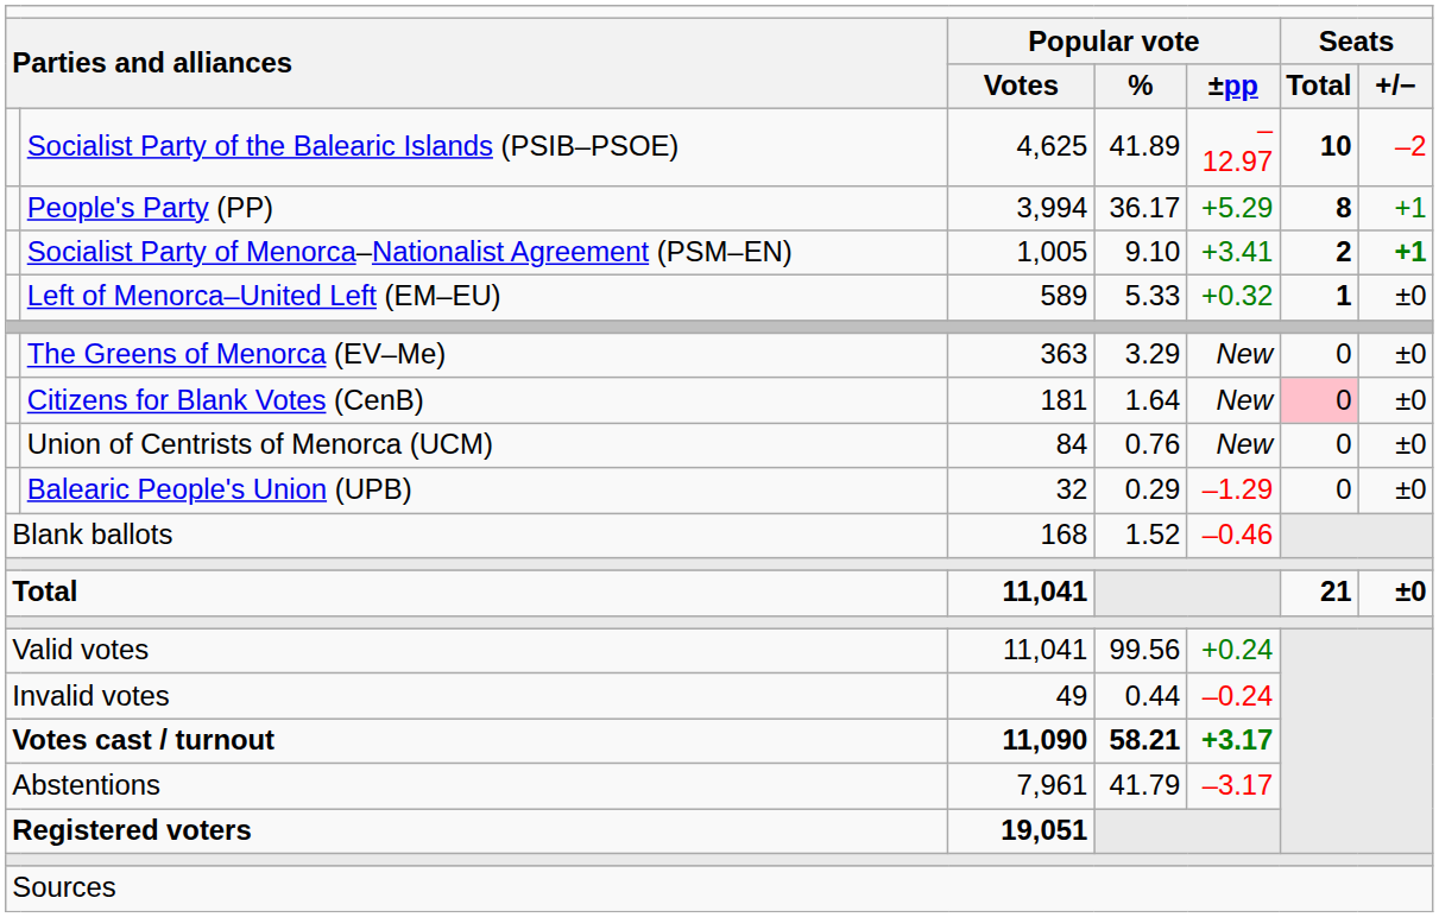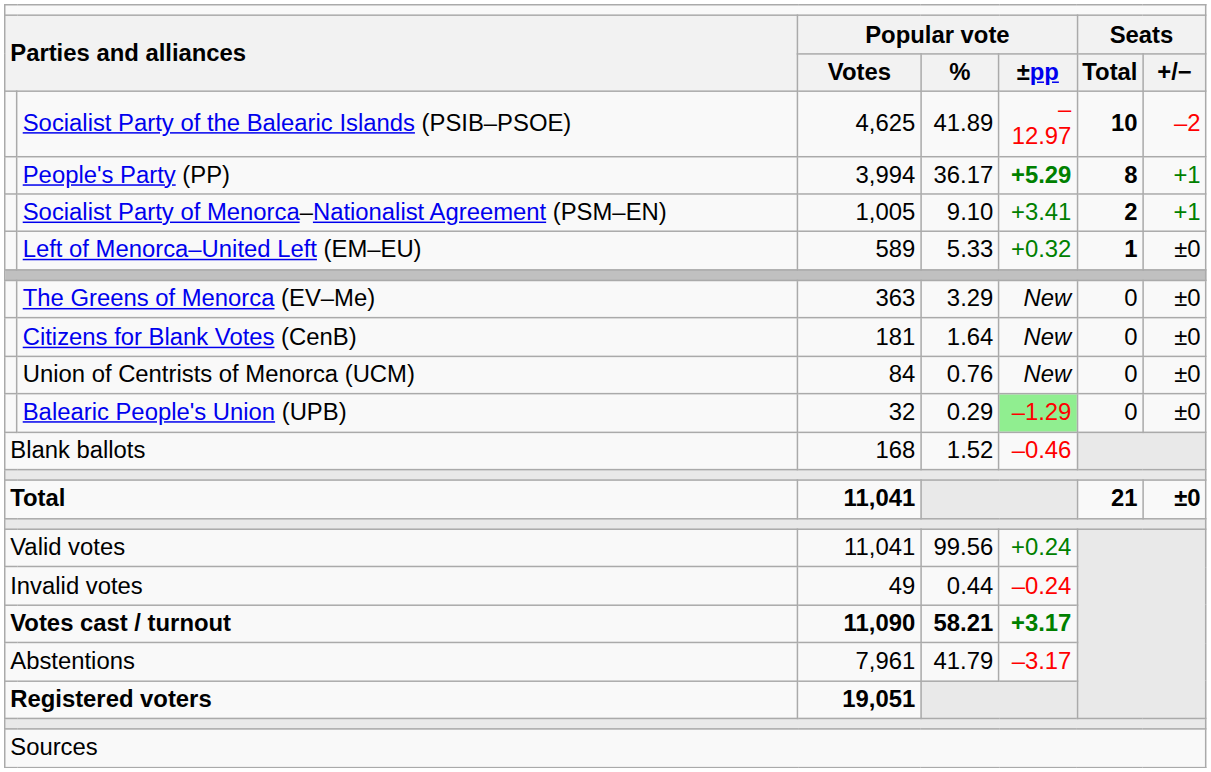 <table class="wikitable" style="text-align:right;">
 <tr>
 <td colspan="7"></td>
 </tr>
 <tr>
 <th style="text-align:left;" rowspan="2" colspan="2" width="525">Parties and alliances</th>
 <th colspan="3">Popular vote</th>
 <th colspan="2">Seats</th>
 </tr>
 <tr>
 <th width="75">Votes</th>
 <th width="45">%</th>
 <th width="45">±<a href='#'>pp</a></th>
 <th width="35">Total</th>
 <th width="35">+/−</th>
 </tr>
 <tr>
 <td width="1" style="color:inherit;background:"></td>
 <td align="left"><a href='#'>Socialist Party of the Balearic Islands</a> (PSIB–PSOE)</td>
 <td>4,625</td>
 <td>41.89</td>
 <td style="color:red;">–12.97</td>
 <td><strong>10</strong></td>
 <td style="color:red;">–2</td>
 </tr>
 <tr>
 <td style="color:inherit;background:"></td>
 <td align="left"><a href='#'>People's Party</a> (PP)</td>
 <td>3,994</td>
 <td>36.17</td>
-<td style="color:green;">+5.29</td>
+<td style="color:green;"><strong>+5.29</strong></td>
 <td><strong>8</strong></td>
 <td style="color:green;">+1</td>
 </tr>
 <tr>
 <td style="color:inherit;background:"></td>
 <td align="left"><a href='#'>Socialist Party of Menorca</a>–<a href='#'>Nationalist Agreement</a> (PSM–EN)</td>
 <td>1,005</td>
 <td>9.10</td>
 <td style="color:green;">+3.41</td>
 <td><strong>2</strong></td>
-<td style="color:green;"><strong>+1</strong></td>
+<td style="color:green;">+1</td>
 </tr>
 <tr>
 <td style="color:inherit;background:"></td>
 <td align="left"><a href='#'>Left of Menorca–United Left</a> (EM–EU)</td>
 <td>589</td>
 <td>5.33</td>
 <td style="color:green;">+0.32</td>
 <td><strong>1</strong></td>
 <td>±0</td>
 </tr>
 <tr>
 <td colspan="7" bgcolor="#C0C0C0"></td>
 </tr>
 <tr>
 <td style="color:inherit;background:"></td>
 <td align="left"><a href='#'>The Greens of Menorca</a> (EV–Me)</td>
 <td>363</td>
 <td>3.29</td>
 <td><em>New</em></td>
 <td>0</td>
 <td>±0</td>
 </tr>
 <tr>
 <td style="color:inherit;background:"></td>
 <td align="left"><a href='#'>Citizens for Blank Votes</a> (CenB)</td>
 <td>181</td>
 <td>1.64</td>
 <td><em>New</em></td>
-<td style="background: pink;">0</td>
+<td>0</td>
 <td>±0</td>
 </tr>
 <tr>
 <td style="color:inherit;background:"></td>
 <td align="left">Union of Centrists of Menorca (UCM)</td>
 <td>84</td>
 <td>0.76</td>
 <td><em>New</em></td>
 <td>0</td>
 <td>±0</td>
 </tr>
 <tr>
 <td style="color:inherit;background:"></td>
 <td align="left"><a href='#'>Balearic People's Union</a> (UPB)</td>
 <td>32</td>
 <td>0.29</td>
-<td style="color:red;">–1.29</td>
+<td style="background: lightgreen; color:red;">–1.29</td>
 <td>0</td>
 <td>±0</td>
 </tr>
 <tr>
 <td align="left" colspan="2">Blank ballots</td>
 <td>168</td>
 <td>1.52</td>
 <td style="color:red;">–0.46</td>
 <td bgcolor="#E9E9E9" colspan="2"></td>
 </tr>
 <tr>
 <td colspan="7" bgcolor="#E9E9E9"></td>
 </tr>
 <tr style="font-weight:bold;">
 <td align="left" colspan="2">Total</td>
 <td>11,041</td>
 <td bgcolor="#E9E9E9" colspan="2"></td>
 <td>21</td>
 <td>±0</td>
 </tr>
 <tr>
 <td colspan="7" bgcolor="#E9E9E9"></td>
 </tr>
 <tr>
 <td align="left" colspan="2">Valid votes</td>
 <td>11,041</td>
 <td>99.56</td>
 <td style="color:green;">+0.24</td>
 <td bgcolor="#E9E9E9" colspan="2" rowspan="5"></td>
 </tr>
 <tr>
 <td align="left" colspan="2">Invalid votes</td>
 <td>49</td>
 <td>0.44</td>
 <td style="color:red;">–0.24</td>
 </tr>
 <tr style="font-weight:bold;">
 <td align="left" colspan="2">Votes cast / turnout</td>
 <td>11,090</td>
 <td>58.21</td>
 <td style="color:green;">+3.17</td>
 </tr>
 <tr>
 <td align="left" colspan="2">Abstentions</td>
 <td>7,961</td>
 <td>41.79</td>
 <td style="color:red;">–3.17</td>
 </tr>
 <tr style="font-weight:bold;">
 <td align="left" colspan="2">Registered voters</td>
 <td>19,051</td>
 <td bgcolor="#E9E9E9" colspan="2"></td>
 </tr>
 <tr>
 <td colspan="7" bgcolor="#E9E9E9"></td>
 </tr>
 <tr>
 <td align="left" colspan="7">Sources</td>
 </tr>
 </table>
